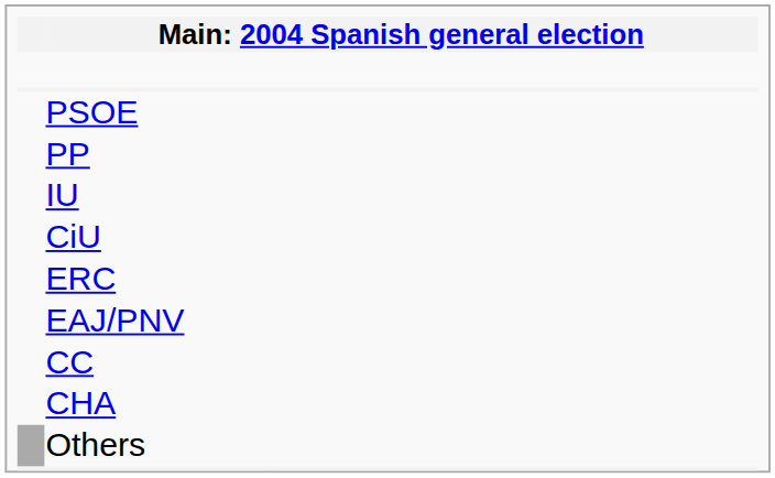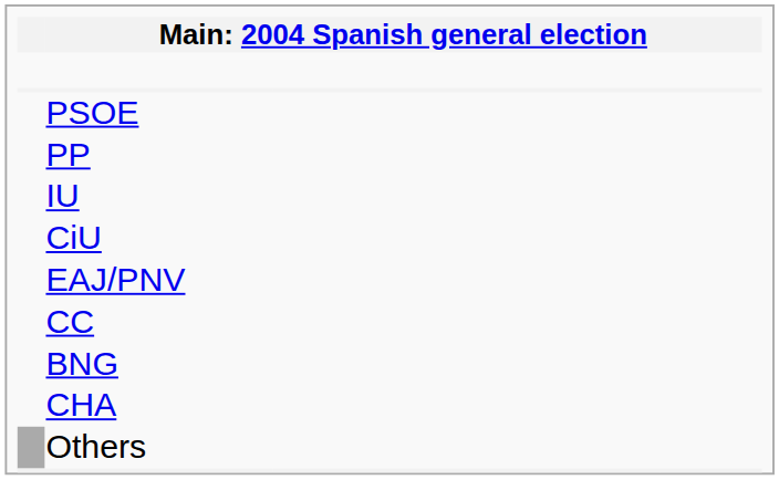 <table class="infobox vcard" style="width:23.0em; padding:0.3em; padding-bottom:0em;" cellspacing=0>
 <tr>
 <td style="background:#F2F2F2; vertical-align:middle; padding:0.4em;" width="30px"></td>
 <th colspan="4" style="text-align:center; background:#F2F2F2; font-size:0.85em; width:100%; vertical-align:middle;">Main: <a href='#'>2004 Spanish general election</a></th>
 </tr>
 <tr>
 <td colspan="5" style="text-align:center; font-size:0.85em; padding:0.5em 0em;">  </td>
 </tr>
 <tr>
 <td colspan="5"></td>
 </tr>
 <tr>
 <td colspan="5"></td>
 </tr>
 <tr>
 <th colspan="2" width="85px" style="background:#F2F2F2;"></th>
 <th width="70px" style="background:#F2F2F2;"></th>
 <th width="45px" style="background:#F2F2F2;"></th>
 <th width="30px" style="background:#F2F2F2;"></th>
 </tr>
 <tr>
 <td style="background:"></td>
 <td><a href='#'>PSOE</a></td>
 <td></td>
 <td></td>
 <td></td>
 </tr>
 <tr>
 <td style="background:"></td>
 <td><a href='#'>PP</a></td>
 <td></td>
 <td></td>
 <td></td>
 </tr>
 <tr>
 <td style="background:"></td>
 <td><a href='#'>IU</a></td>
 <td></td>
 <td></td>
 <td></td>
 </tr>
 <tr>
 <td style="background:"></td>
 <td><a href='#'>CiU</a></td>
 <td></td>
 <td></td>
 <td></td>
 </tr>
 <tr>
 <td style="background:"></td>
-<td><a href='#'>ERC</a></td>
-<td></td>
-<td></td>
-<td></td>
-</tr>
-<tr>
-<td style="background:"></td>
 <td><a href='#'>EAJ/PNV</a></td>
 <td></td>
 <td></td>
 <td></td>
 </tr>
 <tr>
 <td style="background:"></td>
 <td><a href='#'>CC</a></td>
+<td></td>
+<td></td>
+<td></td>
+</tr>
+<tr>
+<td style="background:"></td>
+<td><a href='#'>BNG</a></td>
 <td></td>
 <td></td>
 <td></td>
 </tr>
 <tr>
 <td style="background:"></td>
 <td><a href='#'>CHA</a></td>
 <td></td>
 <td></td>
 <td></td>
 </tr>
 <tr>
 <td style="background:#AAAAAA;"></td>
 <td>Others</td>
 <td></td>
 <td></td>
 <td></td>
 </tr>
 <tr>
 <th colspan="2" style="background:#F2F2F2;"></th>
 <th style="background:#F2F2F2;"></th>
 <th style="background:#F2F2F2;"></th>
 <th style="background:#F2F2F2;"></th>
 </tr>
 </table>
